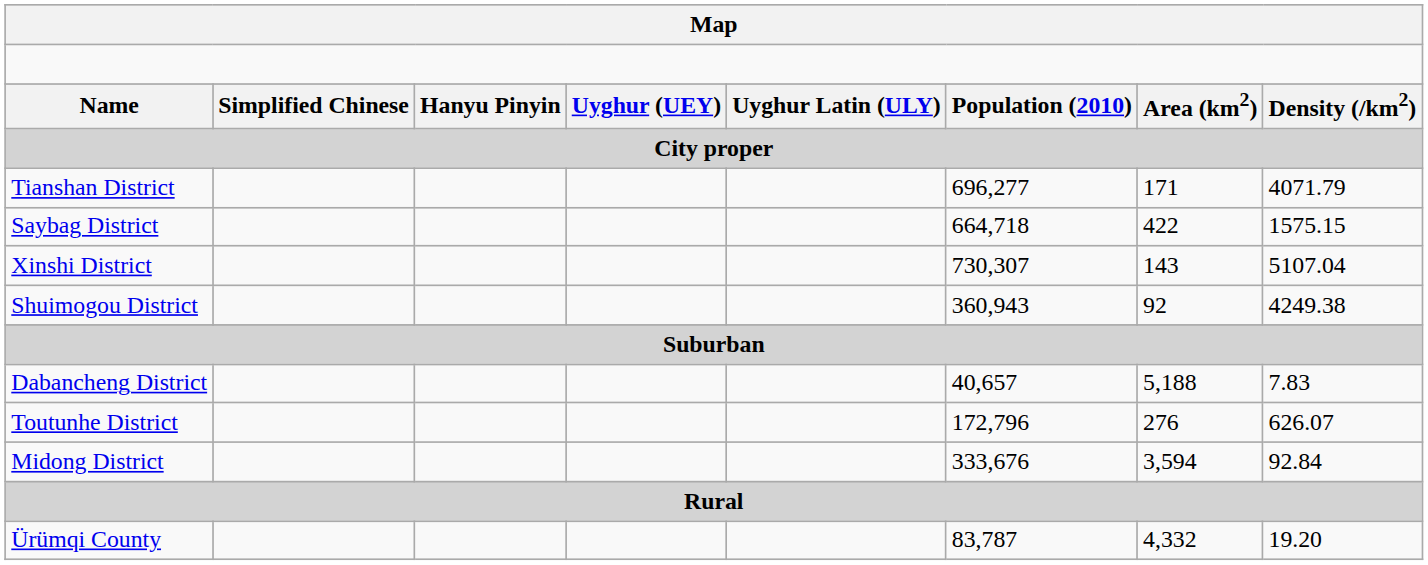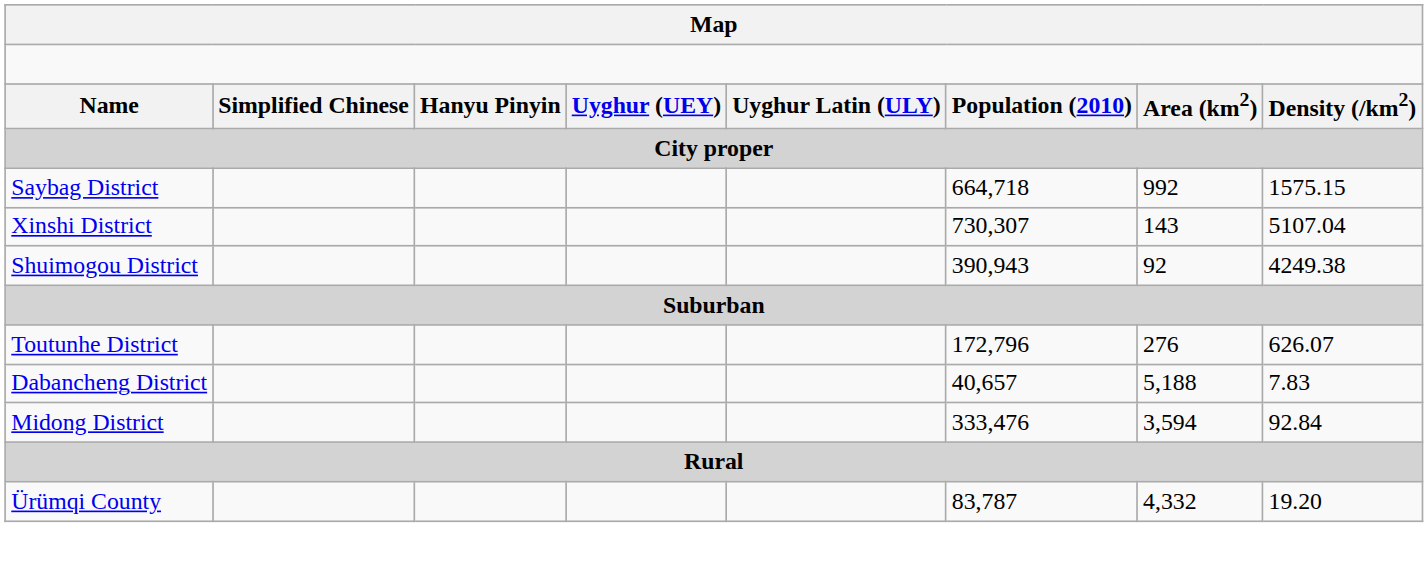 <table class="wikitable" style="font-size:90%; margin:auto;">
 <tr>
 <th colspan="8">Map</th>
 </tr>
 <tr>
 <td colspan="8"><div><br>          </div></td>
 </tr>
 <tr>
 <th>Name</th>
 <th>Simplified Chinese</th>
 <th>Hanyu Pinyin</th>
 <th><a href='#'>Uyghur</a> (<a href='#'>UEY</a>)</th>
 <th>Uyghur Latin (<a href='#'>ULY</a>)</th>
 <th>Population (<a href='#'>2010</a>)</th>
 <th>Area (km<sup>2</sup>)</th>
 <th>Density (/km<sup>2</sup>)</th>
 </tr>
 <tr>
 <td colspan="8" align="center" bgcolor="#D3D3D3"><strong>City proper</strong></td>
 </tr>
 <tr>
-<td><a href='#'>Tianshan District</a></td>
-<td></td>
-<td></td>
-<td></td>
-<td></td>
-<td>696,277</td>
-<td>171</td>
-<td>4071.79</td>
-</tr>
-<tr>
 <td><a href='#'>Saybag District</a></td>
 <td></td>
 <td></td>
 <td></td>
 <td></td>
 <td>664,718</td>
-<td>422</td>
+<td>992</td>
 <td>1575.15</td>
 </tr>
 <tr>
 <td><a href='#'>Xinshi District</a></td>
 <td></td>
 <td></td>
 <td></td>
 <td></td>
 <td>730,307</td>
 <td>143</td>
 <td>5107.04</td>
 </tr>
 <tr>
 <td><a href='#'>Shuimogou District</a></td>
 <td></td>
 <td></td>
 <td></td>
 <td></td>
-<td>360,943</td>
+<td>390,943</td>
 <td>92</td>
 <td>4249.38</td>
 </tr>
 <tr>
 <td colspan="8" align="center" bgcolor="#D3D3D3"><strong>Suburban</strong></td>
+</tr>
+<tr>
+<td><a href='#'>Toutunhe District</a></td>
+<td></td>
+<td></td>
+<td></td>
+<td></td>
+<td>172,796</td>
+<td>276</td>
+<td>626.07</td>
 </tr>
 <tr>
 <td><a href='#'>Dabancheng District</a></td>
 <td></td>
 <td></td>
 <td></td>
 <td></td>
 <td>40,657</td>
 <td>5,188</td>
 <td>7.83</td>
 </tr>
 <tr>
-<td><a href='#'>Toutunhe District</a></td>
-<td></td>
-<td></td>
-<td></td>
-<td></td>
-<td>172,796</td>
-<td>276</td>
-<td>626.07</td>
-</tr>
-<tr>
 <td><a href='#'>Midong District</a></td>
 <td></td>
 <td></td>
 <td></td>
 <td></td>
-<td>333,676</td>
+<td>333,476</td>
 <td>3,594</td>
 <td>92.84</td>
 </tr>
 <tr>
 <td colspan="8" align="center" bgcolor="#D3D3D3"><strong>Rural</strong></td>
 </tr>
 <tr>
 <td><a href='#'>Ürümqi County</a></td>
 <td></td>
 <td></td>
 <td></td>
 <td></td>
 <td>83,787</td>
 <td>4,332</td>
 <td>19.20</td>
 </tr>
 </table>
